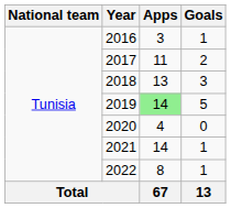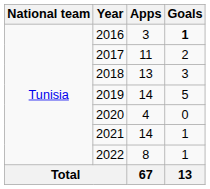 <table class="wikitable" style="text-align:center">
 <tr>
 <th>National team</th>
 <th>Year</th>
 <th>Apps</th>
 <th>Goals</th>
 </tr>
 <tr>
 <td rowspan="7"><a href='#'>Tunisia</a></td>
 <td>2016</td>
 <td>3</td>
-<td>1</td>
+<td><strong>1</strong></td>
 </tr>
 <tr>
 <td>2017</td>
 <td>11</td>
 <td>2</td>
 </tr>
 <tr>
 <td>2018</td>
 <td>13</td>
 <td>3</td>
 </tr>
 <tr>
 <td>2019</td>
-<td style="background: lightgreen;">14</td>
+<td>14</td>
 <td>5</td>
 </tr>
 <tr>
 <td>2020</td>
 <td>4</td>
 <td>0</td>
 </tr>
 <tr>
 <td>2021</td>
 <td>14</td>
 <td>1</td>
 </tr>
 <tr>
 <td>2022</td>
 <td>8</td>
 <td>1</td>
 </tr>
 <tr>
 <th colspan="2">Total</th>
 <th>67</th>
 <th>13</th>
 </tr>
 </table>
